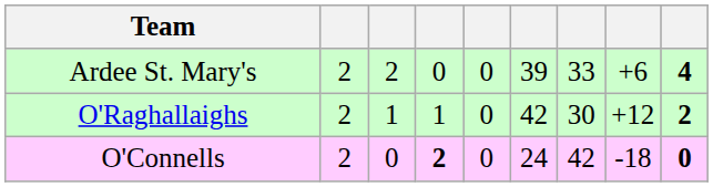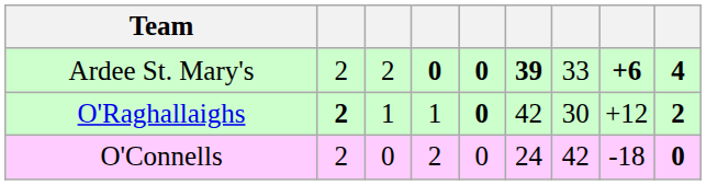 <table class="wikitable" style="text-align:center">
 <tr>
 <th style="width:175px;">Team</th>
 <th width="20"></th>
 <th width="20"></th>
 <th width="20"></th>
 <th width="20"></th>
 <th width="20"></th>
 <th width="20"></th>
 <th width="20"></th>
 <th width="20"></th>
 </tr>
 <tr style="background:#cfc;">
 <td>Ardee St. Mary's</td>
 <td>2</td>
 <td>2</td>
-<td>0</td>
-<td>0</td>
-<td>39</td>
+<td><strong>0</strong></td>
+<td><strong>0</strong></td>
+<td><strong>39</strong></td>
 <td>33</td>
-<td>+6</td>
+<td><strong>+6</strong></td>
 <td><strong>4</strong></td>
 </tr>
 <tr style="background:#cfc;">
 <td><a href='#'>O'Raghallaighs</a></td>
-<td>2</td>
+<td><strong>2</strong></td>
 <td>1</td>
 <td>1</td>
-<td>0</td>
+<td><strong>0</strong></td>
 <td>42</td>
 <td>30</td>
 <td>+12</td>
 <td><strong>2</strong></td>
 </tr>
 <tr style="background:#fcf;">
 <td>O'Connells</td>
 <td>2</td>
 <td>0</td>
-<td><strong>2</strong></td>
+<td>2</td>
 <td>0</td>
 <td>24</td>
 <td>42</td>
 <td>-18</td>
 <td><strong>0</strong></td>
 </tr>
 </table>
